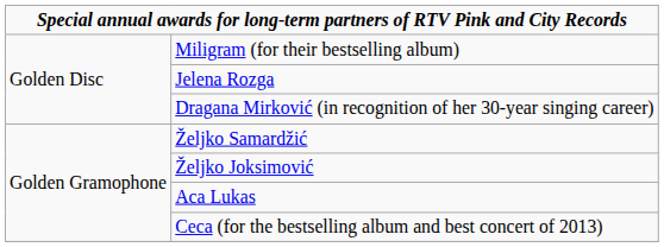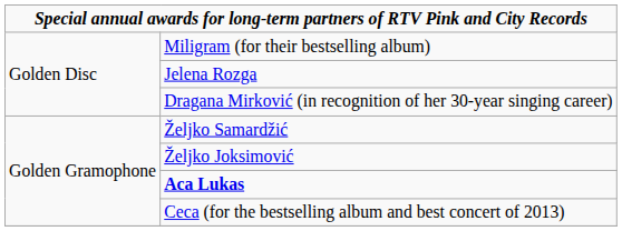 <table class="wikitable">
 <tr>
 <td colspan=2 align=center><strong><em>Special annual awards for long-term partners of RTV Pink and City Records</em></strong></td>
 </tr>
 <tr>
 <td rowspan=3>Golden Disc</td>
 <td><a href='#'>Miligram</a> (for their bestselling album)</td>
 </tr>
 <tr>
 <td><a href='#'>Jelena Rozga</a></td>
 </tr>
 <tr>
 <td><a href='#'>Dragana Mirković</a> (in recognition of her 30-year singing career)</td>
 </tr>
 <tr>
 <td rowspan=4>Golden Gramophone</td>
 <td><a href='#'>Željko Samardžić</a></td>
 </tr>
 <tr>
 <td><a href='#'>Željko Joksimović</a></td>
 </tr>
 <tr>
-<td><a href='#'>Aca Lukas</a></td>
+<td><strong><a href='#'>Aca Lukas</a></strong></td>
 </tr>
 <tr>
 <td><a href='#'>Ceca</a> (for the bestselling album and best concert of 2013)</td>
 </tr>
 <tr>
 </tr>
 </table>
